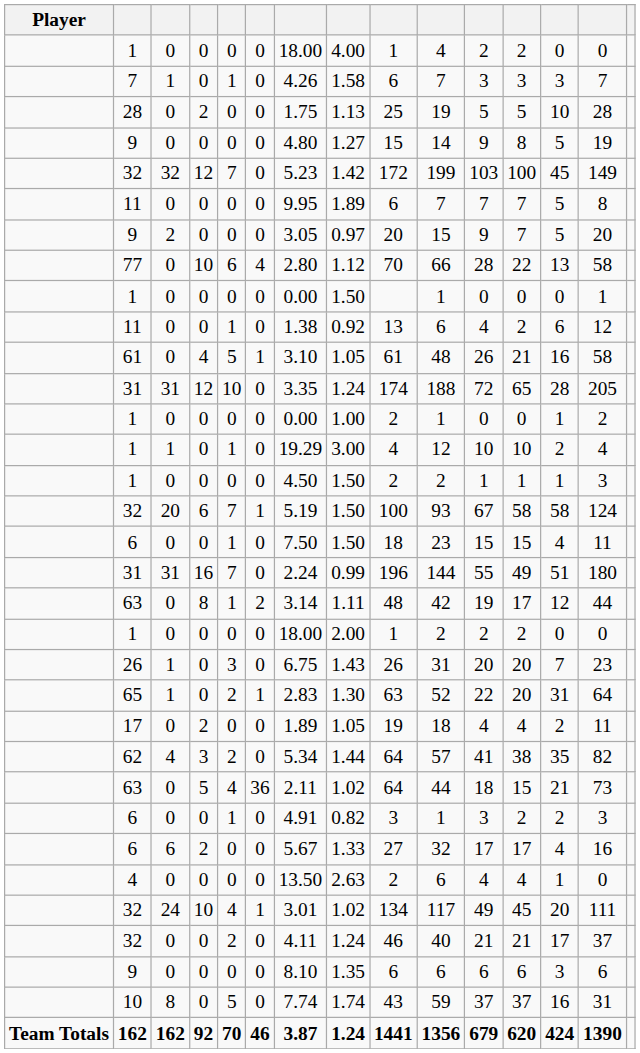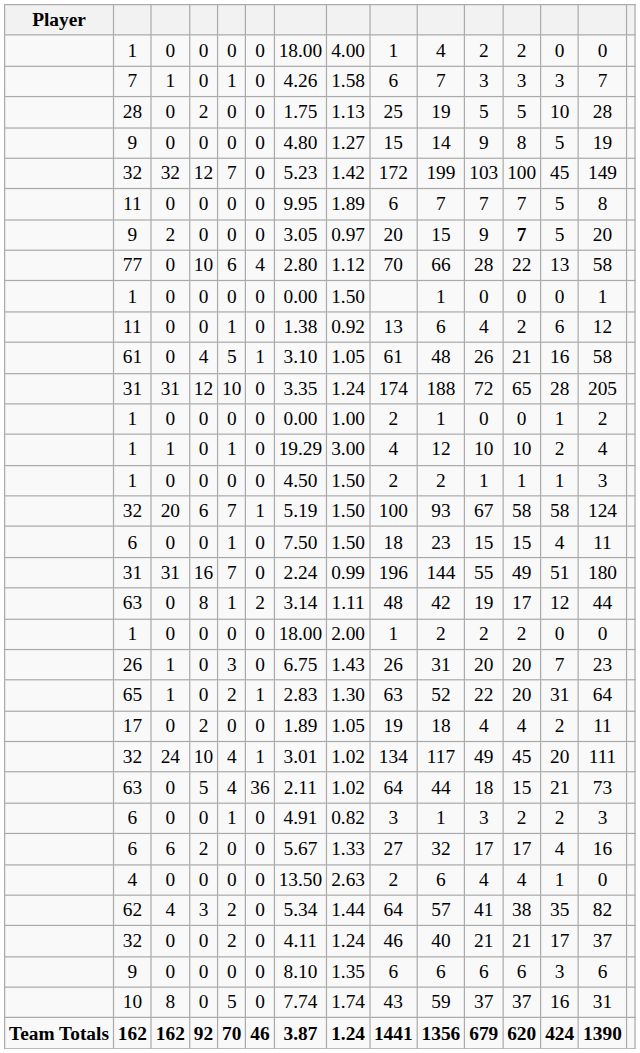 <table class="wikitable sortable">
 <tr>
 <th>Player</th>
 <th></th>
 <th></th>
 <th></th>
 <th></th>
 <th></th>
 <th></th>
 <th></th>
 <th></th>
 <th></th>
 <th></th>
 <th></th>
 <th></th>
 <th></th>
 <th></th>
 </tr>
 <tr align=center>
 <td></td>
 <td>1</td>
 <td>0</td>
 <td>0</td>
 <td>0</td>
 <td>0</td>
 <td>18.00</td>
 <td>4.00</td>
 <td>1</td>
 <td>4</td>
 <td>2</td>
 <td>2</td>
 <td>0</td>
 <td>0</td>
 <td></td>
 </tr>
 <tr align=center>
 <td></td>
 <td>7</td>
 <td>1</td>
 <td>0</td>
 <td>1</td>
 <td>0</td>
 <td>4.26</td>
 <td>1.58</td>
 <td>6</td>
 <td>7</td>
 <td>3</td>
 <td>3</td>
 <td>3</td>
 <td>7</td>
 <td></td>
 </tr>
 <tr align=center>
 <td></td>
 <td>28</td>
 <td>0</td>
 <td>2</td>
 <td>0</td>
 <td>0</td>
 <td>1.75</td>
 <td>1.13</td>
 <td>25</td>
 <td>19</td>
 <td>5</td>
 <td>5</td>
 <td>10</td>
 <td>28</td>
 <td></td>
 </tr>
 <tr align=center>
 <td></td>
 <td>9</td>
 <td>0</td>
 <td>0</td>
 <td>0</td>
 <td>0</td>
 <td>4.80</td>
 <td>1.27</td>
 <td>15</td>
 <td>14</td>
 <td>9</td>
 <td>8</td>
 <td>5</td>
 <td>19</td>
 <td></td>
 </tr>
 <tr align=center>
 <td></td>
 <td>32</td>
 <td>32</td>
 <td>12</td>
 <td>7</td>
 <td>0</td>
 <td>5.23</td>
 <td>1.42</td>
 <td>172</td>
 <td>199</td>
 <td>103</td>
 <td>100</td>
 <td>45</td>
 <td>149</td>
 <td></td>
 </tr>
 <tr align=center>
 <td></td>
 <td>11</td>
 <td>0</td>
 <td>0</td>
 <td>0</td>
 <td>0</td>
 <td>9.95</td>
 <td>1.89</td>
 <td>6</td>
 <td>7</td>
 <td>7</td>
 <td>7</td>
 <td>5</td>
 <td>8</td>
 <td></td>
 </tr>
 <tr align=center>
 <td></td>
 <td>9</td>
 <td>2</td>
 <td>0</td>
 <td>0</td>
 <td>0</td>
 <td>3.05</td>
 <td>0.97</td>
 <td>20</td>
 <td>15</td>
 <td>9</td>
-<td>7</td>
+<td><strong>7</strong></td>
 <td>5</td>
 <td>20</td>
 <td></td>
 </tr>
 <tr align=center>
 <td></td>
 <td>77</td>
 <td>0</td>
 <td>10</td>
 <td>6</td>
 <td>4</td>
 <td>2.80</td>
 <td>1.12</td>
 <td>70</td>
 <td>66</td>
 <td>28</td>
 <td>22</td>
 <td>13</td>
 <td>58</td>
 <td></td>
 </tr>
 <tr align=center>
 <td></td>
 <td>1</td>
 <td>0</td>
 <td>0</td>
 <td>0</td>
 <td>0</td>
 <td>0.00</td>
 <td>1.50</td>
 <td></td>
 <td>1</td>
 <td>0</td>
 <td>0</td>
 <td>0</td>
 <td>1</td>
 <td></td>
 </tr>
 <tr align=center>
 <td></td>
 <td>11</td>
 <td>0</td>
 <td>0</td>
 <td>1</td>
 <td>0</td>
 <td>1.38</td>
 <td>0.92</td>
 <td>13</td>
 <td>6</td>
 <td>4</td>
 <td>2</td>
 <td>6</td>
 <td>12</td>
 <td></td>
 </tr>
 <tr align=center>
 <td></td>
 <td>61</td>
 <td>0</td>
 <td>4</td>
 <td>5</td>
 <td>1</td>
 <td>3.10</td>
 <td>1.05</td>
 <td>61</td>
 <td>48</td>
 <td>26</td>
 <td>21</td>
 <td>16</td>
 <td>58</td>
 <td></td>
 </tr>
 <tr align=center>
 <td></td>
 <td>31</td>
 <td>31</td>
 <td>12</td>
 <td>10</td>
 <td>0</td>
 <td>3.35</td>
 <td>1.24</td>
 <td>174</td>
 <td>188</td>
 <td>72</td>
 <td>65</td>
 <td>28</td>
 <td>205</td>
 <td></td>
 </tr>
 <tr align=center>
 <td></td>
 <td>1</td>
 <td>0</td>
 <td>0</td>
 <td>0</td>
 <td>0</td>
 <td>0.00</td>
 <td>1.00</td>
 <td>2</td>
 <td>1</td>
 <td>0</td>
 <td>0</td>
 <td>1</td>
 <td>2</td>
 <td></td>
 </tr>
 <tr align=center>
 <td></td>
 <td>1</td>
 <td>1</td>
 <td>0</td>
 <td>1</td>
 <td>0</td>
 <td>19.29</td>
 <td>3.00</td>
 <td>4</td>
 <td>12</td>
 <td>10</td>
 <td>10</td>
 <td>2</td>
 <td>4</td>
 <td></td>
 </tr>
 <tr align=center>
 <td></td>
 <td>1</td>
 <td>0</td>
 <td>0</td>
 <td>0</td>
 <td>0</td>
 <td>4.50</td>
 <td>1.50</td>
 <td>2</td>
 <td>2</td>
 <td>1</td>
 <td>1</td>
 <td>1</td>
 <td>3</td>
 <td></td>
 </tr>
 <tr align=center>
 <td></td>
 <td>32</td>
 <td>20</td>
 <td>6</td>
 <td>7</td>
 <td>1</td>
 <td>5.19</td>
 <td>1.50</td>
 <td>100</td>
 <td>93</td>
 <td>67</td>
 <td>58</td>
 <td>58</td>
 <td>124</td>
 <td></td>
 </tr>
 <tr align=center>
 <td></td>
 <td>6</td>
 <td>0</td>
 <td>0</td>
 <td>1</td>
 <td>0</td>
 <td>7.50</td>
 <td>1.50</td>
 <td>18</td>
 <td>23</td>
 <td>15</td>
 <td>15</td>
 <td>4</td>
 <td>11</td>
 <td></td>
 </tr>
 <tr align=center>
 <td></td>
 <td>31</td>
 <td>31</td>
 <td>16</td>
 <td>7</td>
 <td>0</td>
 <td>2.24</td>
 <td>0.99</td>
 <td>196</td>
 <td>144</td>
 <td>55</td>
 <td>49</td>
 <td>51</td>
 <td>180</td>
 <td></td>
 </tr>
 <tr align=center>
 <td></td>
 <td>63</td>
 <td>0</td>
 <td>8</td>
 <td>1</td>
 <td>2</td>
 <td>3.14</td>
 <td>1.11</td>
 <td>48</td>
 <td>42</td>
 <td>19</td>
 <td>17</td>
 <td>12</td>
 <td>44</td>
 <td></td>
 </tr>
 <tr align=center>
 <td></td>
 <td>1</td>
 <td>0</td>
 <td>0</td>
 <td>0</td>
 <td>0</td>
 <td>18.00</td>
 <td>2.00</td>
 <td>1</td>
 <td>2</td>
 <td>2</td>
 <td>2</td>
 <td>0</td>
 <td>0</td>
 <td></td>
 </tr>
 <tr align=center>
 <td></td>
 <td>26</td>
 <td>1</td>
 <td>0</td>
 <td>3</td>
 <td>0</td>
 <td>6.75</td>
 <td>1.43</td>
 <td>26</td>
 <td>31</td>
 <td>20</td>
 <td>20</td>
 <td>7</td>
 <td>23</td>
 <td></td>
 </tr>
 <tr align=center>
 <td></td>
 <td>65</td>
 <td>1</td>
 <td>0</td>
 <td>2</td>
 <td>1</td>
 <td>2.83</td>
 <td>1.30</td>
 <td>63</td>
 <td>52</td>
 <td>22</td>
 <td>20</td>
 <td>31</td>
 <td>64</td>
 <td></td>
 </tr>
 <tr align=center>
 <td></td>
 <td>17</td>
 <td>0</td>
 <td>2</td>
 <td>0</td>
 <td>0</td>
 <td>1.89</td>
 <td>1.05</td>
 <td>19</td>
 <td>18</td>
 <td>4</td>
 <td>4</td>
 <td>2</td>
 <td>11</td>
 <td></td>
 </tr>
 <tr align=center>
 <td></td>
-<td>62</td>
+<td>32</td>
+<td>24</td>
+<td>10</td>
 <td>4</td>
-<td>3</td>
-<td>2</td>
-<td>0</td>
-<td>5.34</td>
-<td>1.44</td>
-<td>64</td>
-<td>57</td>
-<td>41</td>
-<td>38</td>
-<td>35</td>
-<td>82</td>
+<td>1</td>
+<td>3.01</td>
+<td>1.02</td>
+<td>134</td>
+<td>117</td>
+<td>49</td>
+<td>45</td>
+<td>20</td>
+<td>111</td>
 <td></td>
 </tr>
 <tr align=center>
 <td></td>
 <td>63</td>
 <td>0</td>
 <td>5</td>
 <td>4</td>
 <td>36</td>
 <td>2.11</td>
 <td>1.02</td>
 <td>64</td>
 <td>44</td>
 <td>18</td>
 <td>15</td>
 <td>21</td>
 <td>73</td>
 <td></td>
 </tr>
 <tr align=center>
 <td></td>
 <td>6</td>
 <td>0</td>
 <td>0</td>
 <td>1</td>
 <td>0</td>
 <td>4.91</td>
 <td>0.82</td>
 <td>3</td>
 <td>1</td>
 <td>3</td>
 <td>2</td>
 <td>2</td>
 <td>3</td>
 <td></td>
 </tr>
 <tr align=center>
 <td></td>
 <td>6</td>
 <td>6</td>
 <td>2</td>
 <td>0</td>
 <td>0</td>
 <td>5.67</td>
 <td>1.33</td>
 <td>27</td>
 <td>32</td>
 <td>17</td>
 <td>17</td>
 <td>4</td>
 <td>16</td>
 <td></td>
 </tr>
 <tr align=center>
 <td></td>
 <td>4</td>
 <td>0</td>
 <td>0</td>
 <td>0</td>
 <td>0</td>
 <td>13.50</td>
 <td>2.63</td>
 <td>2</td>
 <td>6</td>
 <td>4</td>
 <td>4</td>
 <td>1</td>
 <td>0</td>
 <td></td>
 </tr>
 <tr align=center>
 <td></td>
-<td>32</td>
-<td>24</td>
-<td>10</td>
+<td>62</td>
 <td>4</td>
-<td>1</td>
-<td>3.01</td>
-<td>1.02</td>
-<td>134</td>
-<td>117</td>
-<td>49</td>
-<td>45</td>
-<td>20</td>
-<td>111</td>
+<td>3</td>
+<td>2</td>
+<td>0</td>
+<td>5.34</td>
+<td>1.44</td>
+<td>64</td>
+<td>57</td>
+<td>41</td>
+<td>38</td>
+<td>35</td>
+<td>82</td>
 <td></td>
 </tr>
 <tr align=center>
 <td></td>
 <td>32</td>
 <td>0</td>
 <td>0</td>
 <td>2</td>
 <td>0</td>
 <td>4.11</td>
 <td>1.24</td>
 <td>46</td>
 <td>40</td>
 <td>21</td>
 <td>21</td>
 <td>17</td>
 <td>37</td>
 <td></td>
 </tr>
 <tr align=center>
 <td></td>
 <td>9</td>
 <td>0</td>
 <td>0</td>
 <td>0</td>
 <td>0</td>
 <td>8.10</td>
 <td>1.35</td>
 <td>6</td>
 <td>6</td>
 <td>6</td>
 <td>6</td>
 <td>3</td>
 <td>6</td>
 <td></td>
 </tr>
 <tr align=center>
 <td></td>
 <td>10</td>
 <td>8</td>
 <td>0</td>
 <td>5</td>
 <td>0</td>
 <td>7.74</td>
 <td>1.74</td>
 <td>43</td>
 <td>59</td>
 <td>37</td>
 <td>37</td>
 <td>16</td>
 <td>31</td>
 <td></td>
 </tr>
 <tr align=center>
 <td><strong>Team Totals</strong></td>
 <td><strong>162</strong></td>
 <td><strong>162</strong></td>
 <td><strong>92</strong></td>
 <td><strong>70</strong></td>
 <td><strong>46</strong></td>
 <td><strong>3.87</strong></td>
 <td><strong>1.24</strong></td>
 <td><strong>1441</strong></td>
 <td><strong>1356</strong></td>
 <td><strong>679</strong></td>
 <td><strong>620</strong></td>
 <td><strong>424</strong></td>
 <td><strong>1390</strong></td>
 <td></td>
 </tr>
 </table>
